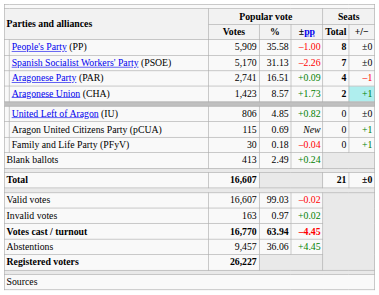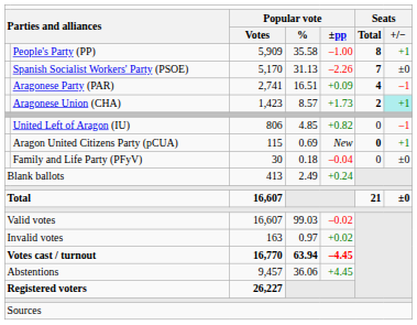 <table class="wikitable" style="text-align:right;">
 <tr>
 <td colspan="7"></td>
 </tr>
 <tr>
 <th style="text-align:left;" rowspan="2" colspan="2" width="525">Parties and alliances</th>
 <th colspan="3">Popular vote</th>
 <th colspan="2">Seats</th>
 </tr>
 <tr>
 <th width="75">Votes</th>
 <th width="45">%</th>
 <th width="45">±<a href='#'>pp</a></th>
 <th width="35">Total</th>
 <th width="35">+/−</th>
 </tr>
 <tr>
 <td width="1" style="color:inherit;background:"></td>
 <td align="left"><a href='#'>People's Party</a> (PP)</td>
 <td>5,909</td>
 <td>35.58</td>
 <td style="color:red;">–1.00</td>
 <td><strong>8</strong></td>
-<td>±0</td>
+<td style="color:green;">+1</td>
 </tr>
 <tr>
 <td style="color:inherit;background:"></td>
 <td align="left"><a href='#'>Spanish Socialist Workers' Party</a> (PSOE)</td>
 <td>5,170</td>
 <td>31.13</td>
 <td style="color:red;">–2.26</td>
 <td><strong>7</strong></td>
 <td>±0</td>
 </tr>
 <tr>
 <td style="color:inherit;background:"></td>
 <td align="left"><a href='#'>Aragonese Party</a> (PAR)</td>
 <td>2,741</td>
 <td>16.51</td>
 <td style="color:green;">+0.09</td>
 <td><strong>4</strong></td>
 <td style="color:red;">–1</td>
 </tr>
 <tr>
 <td style="color:inherit;background:"></td>
 <td align="left"><a href='#'>Aragonese Union</a> (CHA)</td>
 <td>1,423</td>
 <td>8.57</td>
 <td style="color:green;">+1.73</td>
 <td><strong>2</strong></td>
 <td style="background: paleturquoise; color:green;">+1</td>
 </tr>
 <tr>
 <td colspan="7" bgcolor="#C0C0C0"></td>
 </tr>
 <tr>
 <td style="color:inherit;background:"></td>
 <td align="left"><a href='#'>United Left of Aragon</a> (IU)</td>
 <td>806</td>
 <td>4.85</td>
 <td style="color:green;">+0.82</td>
 <td>0</td>
-<td>±0</td>
+<td style="color:red;">–1</td>
 </tr>
 <tr>
 <td style="color:inherit;background:"></td>
 <td align="left">Aragon United Citizens Party (pCUA)</td>
 <td>115</td>
 <td>0.69</td>
 <td><em>New</em></td>
-<td>0</td>
+<td><strong>0</strong></td>
 <td style="color:green;">+1</td>
 </tr>
 <tr>
 <td style="color:inherit;background:"></td>
 <td align="left">Family and Life Party (PFyV)</td>
 <td>30</td>
 <td>0.18</td>
 <td style="color:red;">–0.04</td>
 <td>0</td>
-<td style="color:green;">+1</td>
+<td>±0</td>
 </tr>
 <tr>
 <td align="left" colspan="2">Blank ballots</td>
 <td>413</td>
 <td>2.49</td>
 <td style="color:green;">+0.24</td>
 <td bgcolor="#E9E9E9" colspan="2"></td>
 </tr>
 <tr>
 <td colspan="7" bgcolor="#E9E9E9"></td>
 </tr>
 <tr style="font-weight:bold;">
 <td align="left" colspan="2">Total</td>
 <td>16,607</td>
 <td bgcolor="#E9E9E9" colspan="2"></td>
 <td>21</td>
 <td>±0</td>
 </tr>
 <tr>
 <td colspan="7" bgcolor="#E9E9E9"></td>
 </tr>
 <tr>
 <td align="left" colspan="2">Valid votes</td>
 <td>16,607</td>
 <td>99.03</td>
 <td style="color:red;">–0.02</td>
 <td bgcolor="#E9E9E9" colspan="2" rowspan="5"></td>
 </tr>
 <tr>
 <td align="left" colspan="2">Invalid votes</td>
 <td>163</td>
 <td>0.97</td>
 <td style="color:green;">+0.02</td>
 </tr>
 <tr style="font-weight:bold;">
 <td align="left" colspan="2">Votes cast / turnout</td>
 <td>16,770</td>
 <td>63.94</td>
 <td style="color:red;">–4.45</td>
 </tr>
 <tr>
 <td align="left" colspan="2">Abstentions</td>
 <td>9,457</td>
 <td>36.06</td>
 <td style="color:green;">+4.45</td>
 </tr>
 <tr style="font-weight:bold;">
 <td align="left" colspan="2">Registered voters</td>
 <td>26,227</td>
 <td bgcolor="#E9E9E9" colspan="2"></td>
 </tr>
 <tr>
 <td colspan="7" bgcolor="#E9E9E9"></td>
 </tr>
 <tr>
 <td align="left" colspan="7">Sources</td>
 </tr>
 </table>
